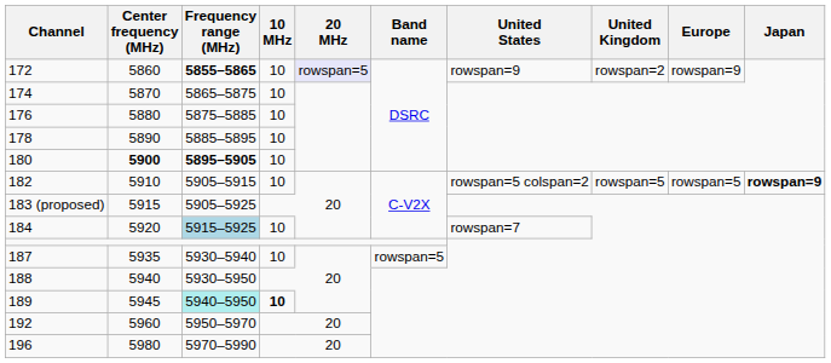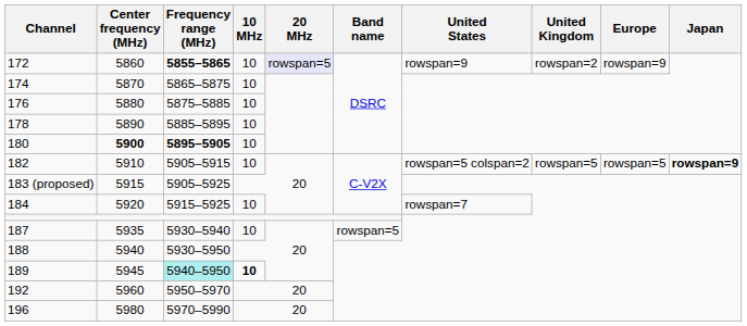 <table class="wikitable sticky-header">
 <tr>
 <th style="text-align: center;">Channel</th>
 <th style="text-align: center;">Center<br>frequency<br>(MHz)</th>
 <th style="text-align: center;">Frequency<br>range<br>(MHz)</th>
 <th style="text-align: center;">10<br>MHz</th>
 <th style="text-align: center;">20<br>MHz</th>
 <th style="text-align: center;">Band<br>name</th>
 <th style="text-align: center;">United<br>States</th>
 <th style="text-align: center;">United<br>Kingdom</th>
 <th style="text-align: center;">Europe</th>
 <th style="text-align: center;">Japan</th>
 </tr>
 <tr>
 <td>172</td>
 <td style="text-align: center;">5860</td>
 <td style="text-align: center;"><strong>5855–5865</strong></td>
 <td style="text-align: center;">10 </td>
 <td style="background: lavender;">rowspan=5  </td>
 <td rowspan=5 style="text-align: center;"><a href='#'>DSRC</a></td>
 <td>rowspan=9 </td>
 <td>rowspan=2 </td>
 <td>rowspan=9 </td>
 </tr>
 <tr>
 <td>174</td>
 <td style="text-align: center;">5870</td>
 <td style="text-align: center;">5865–5875</td>
 <td style="text-align: center;">10  </td>
 </tr>
 <tr>
 <td>176</td>
 <td style="text-align: center;">5880</td>
 <td style="text-align: center;">5875–5885</td>
 <td style="text-align: center;">10  </td>
 </tr>
 <tr>
 <td>178</td>
 <td style="text-align: center;">5890</td>
 <td style="text-align: center;">5885–5895</td>
 <td style="text-align: center;">10  </td>
 </tr>
 <tr>
 <td>180</td>
 <td style="text-align: center;"><strong>5900</strong></td>
 <td style="text-align: center;"><strong>5895–5905</strong></td>
 <td style="text-align: center;">10  </td>
 </tr>
 <tr>
 <td>182</td>
 <td style="text-align: center;">5910</td>
 <td style="text-align: center;">5905–5915</td>
 <td style="text-align: center; border-right: 0px black;">10</td>
 <td style="border-bottom: 0px black"></td>
 <td rowspan=3 style="text-align: center;"><a href='#'>C-V2X</a></td>
 <td>rowspan=5 colspan=2 </td>
 <td>rowspan=5 </td>
 <td>rowspan=5 </td>
 <td><strong>rowspan=9 </strong></td>
 </tr>
 <tr>
 <td>183 (proposed)</td>
 <td style="text-align: center;">5915</td>
 <td style="text-align: center;">5905–5925</td>
 <td style="text-align: center; border-right: 0px black;"></td>
 <td style="text-align: center; border-top: 0px black; border-bottom: 0px black; border-left: 0px black;">20</td>
 </tr>
 <tr>
 <td>184</td>
 <td style="text-align: center;">5920</td>
-<td style="background: lightblue; text-align: center;">5915–5925</td>
+<td style="text-align: center;">5915–5925</td>
 <td style="text-align: center;">10</td>
 <td style="border-top: 0px black;"></td>
 <td>rowspan=7 </td>
 </tr>
 <tr>
 <td colspan=6></td>
 </tr>
 <tr>
 <td>187</td>
 <td style="text-align: center;">5935</td>
 <td style="text-align: center;">5930–5940</td>
 <td style="text-align: center; border-right: 0px black;">10 </td>
 <td style="border-bottom: 0px black"></td>
 <td>rowspan=5 </td>
 </tr>
 <tr>
 <td>188</td>
 <td style="text-align: center;">5940</td>
 <td style="text-align: center;">5930–5950</td>
 <td style="text-align: center; border-right: 0px black;"></td>
 <td style="text-align: center; border-top: 0px black; border-bottom: 0px black; border-left: 0px black;">20 </td>
 </tr>
 <tr>
 <td>189</td>
 <td style="text-align: center;">5945</td>
 <td style="background: paleturquoise; text-align: center;">5940–5950</td>
 <td style="text-align: center;"><strong>10 </strong></td>
 <td style="border-top: 0px black;"></td>
 </tr>
 <tr>
 <td>192</td>
 <td style="text-align: center;">5960</td>
 <td style="text-align: center;">5950–5970</td>
 <td style="text-align: center; border-right: 0px black;"></td>
 <td style="text-align: center; border-top: 0px black; border-left: 0px black;">20 </td>
 </tr>
 <tr>
 <td>196</td>
 <td style="text-align: center;">5980</td>
 <td style="text-align: center;">5970–5990</td>
 <td style="text-align: center; border-right: 0px black;"></td>
 <td style="text-align: center; border-top: 0px black; border-left: 0px black;">20 </td>
 </tr>
 </table>
